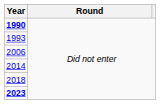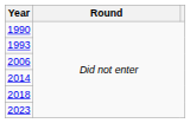 <table class="wikitable" style="text-align: center; font-size:90%">
 <tr>
 <th>Year</th>
 <th style="width:200px">Round</th>
 <th></th>
 </tr>
 <tr>
-<td><strong><a href='#'>1990</a></strong></td>
+<td><a href='#'>1990</a></td>
 <td colspan="2" rowspan="6"><em>Did not enter</em></td>
 </tr>
 <tr>
 <td><a href='#'>1993</a></td>
 </tr>
 <tr>
 <td><a href='#'>2006</a></td>
 </tr>
 <tr>
 <td><a href='#'>2014</a></td>
 </tr>
 <tr>
 <td><a href='#'>2018</a></td>
 </tr>
 <tr>
-<td><strong><a href='#'>2023</a></strong></td>
+<td><a href='#'>2023</a></td>
 </tr>
 </table>
